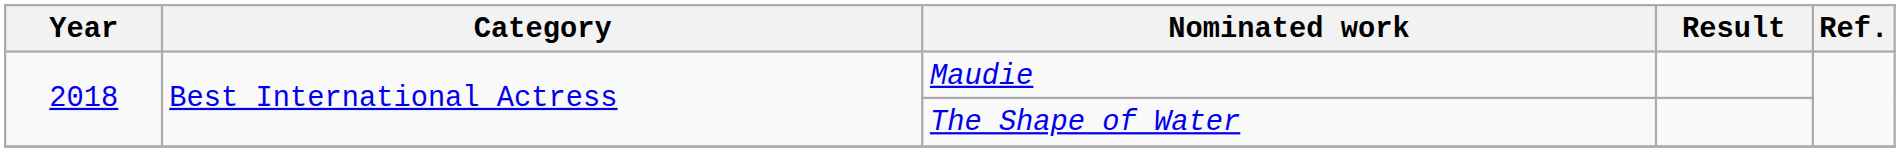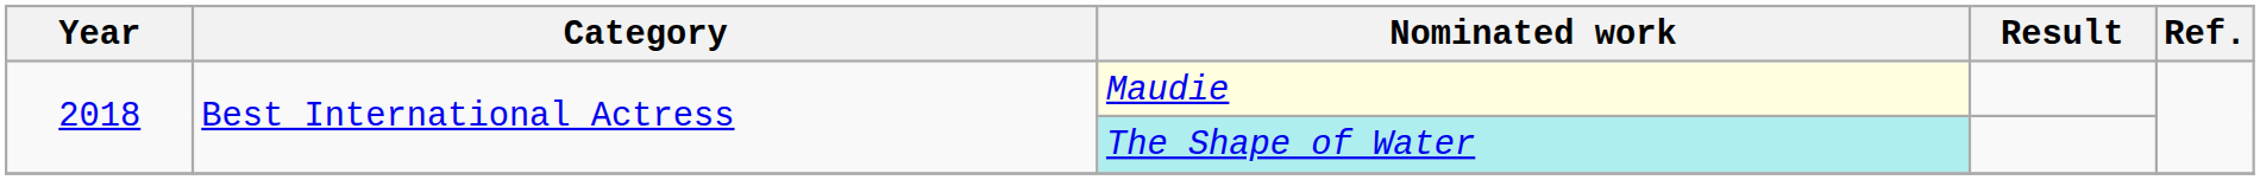 <table class=wikitable>
 <tr>
 <th scope="col" style="width:5em;">Year</th>
 <th scope="col" style="width:26em;">Category</th>
 <th scope="col" style="width:25em;">Nominated work</th>
 <th scope="col" style="width:5em;">Result</th>
 <th>Ref.</th>
 </tr>
 <tr>
 <td align="center" rowspan="2"><a href='#'>2018</a></td>
 <td rowspan="2"><a href='#'>Best International Actress</a></td>
-<td><em><a href='#'>Maudie</a></em></td>
+<td style="background: lightyellow;"><em><a href='#'>Maudie</a></em></td>
 <td></td>
 <td rowspan="2" align="center"></td>
 </tr>
 <tr>
-<td><em><a href='#'>The Shape of Water</a></em></td>
+<td style="background: paleturquoise;"><em><a href='#'>The Shape of Water</a></em></td>
 <td></td>
 </tr>
 <tr>
 </tr>
 </table>
